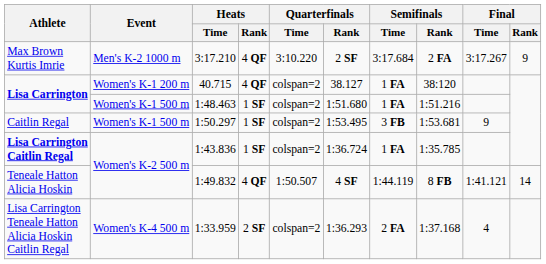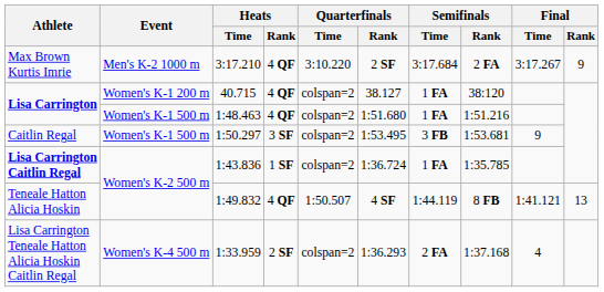 <table class=wikitable style=font-size:90%>
 <tr>
 <th rowspan=2>Athlete</th>
 <th rowspan=2>Event</th>
 <th colspan=2>Heats</th>
 <th colspan=2>Quarterfinals</th>
 <th colspan=2>Semifinals</th>
 <th colspan=2>Final</th>
 </tr>
 <tr style=font-size:95%>
 <th>Time</th>
 <th>Rank</th>
 <th>Time</th>
 <th>Rank</th>
 <th>Time</th>
 <th>Rank</th>
 <th>Time</th>
 <th>Rank</th>
 </tr>
 <tr align=center>
 <td align=left><a href='#'>Max Brown</a><br><a href='#'>Kurtis Imrie</a></td>
 <td align=left><a href='#'>Men's K-2 1000 m</a></td>
 <td>3:17.210</td>
 <td>4 <strong>QF</strong></td>
 <td>3:10.220</td>
 <td>2 <strong>SF</strong></td>
 <td>3:17.684</td>
 <td>2 <strong>FA</strong></td>
 <td>3:17.267</td>
 <td>9</td>
 </tr>
 <tr align=center>
 <td align=left rowspan=2><strong><a href='#'>Lisa Carrington</a></strong></td>
 <td align=left><a href='#'>Women's K-1 200 m</a></td>
 <td>40.715</td>
 <td>4 <strong>QF</strong></td>
 <td>colspan=2 </td>
 <td>38.127 <strong></strong></td>
 <td>1 <strong>FA</strong></td>
 <td>38:120 <strong></strong></td>
 <td></td>
 </tr>
 <tr align=center>
 <td align=left><a href='#'>Women's K-1 500 m</a></td>
 <td>1:48.463</td>
-<td>1 <strong>SF</strong></td>
+<td>4 <strong>QF</strong></td>
 <td>colspan=2 </td>
 <td>1:51.680</td>
 <td>1 <strong>FA</strong></td>
 <td>1:51.216</td>
 <td></td>
 </tr>
 <tr align=center>
 <td align=left><a href='#'>Caitlin Regal</a></td>
 <td align=left><a href='#'>Women's K-1 500 m</a></td>
 <td>1:50.297</td>
-<td>1 <strong>SF</strong></td>
+<td>3 <strong>SF</strong></td>
 <td>colspan=2 </td>
 <td>1:53.495</td>
 <td>3 <strong>FB</strong></td>
 <td>1:53.681</td>
 <td>9</td>
 </tr>
 <tr align=center>
 <td align=left><strong><a href='#'>Lisa Carrington</a><br><a href='#'>Caitlin Regal</a></strong></td>
 <td align=left rowspan=2><a href='#'>Women's K-2 500 m</a></td>
 <td>1:43.836</td>
 <td>1 <strong>SF</strong></td>
 <td>colspan=2 </td>
 <td>1:36.724 <strong></strong></td>
 <td>1 <strong>FA</strong></td>
 <td>1:35.785 <strong></strong></td>
 <td></td>
 </tr>
 <tr align=center>
 <td align=left><a href='#'>Teneale Hatton</a><br><a href='#'>Alicia Hoskin</a></td>
 <td>1:49.832</td>
 <td>4 <strong>QF</strong></td>
 <td>1:50.507</td>
 <td>4 <strong>SF</strong></td>
 <td>1:44.119</td>
 <td>8 <strong>FB</strong></td>
 <td>1:41.121</td>
-<td>14</td>
+<td>13</td>
 </tr>
 <tr align=center>
 <td align=left><a href='#'>Lisa Carrington</a><br><a href='#'>Teneale Hatton</a><br><a href='#'>Alicia Hoskin</a><br><a href='#'>Caitlin Regal</a></td>
 <td align=left><a href='#'>Women's K-4 500 m</a></td>
 <td>1:33.959</td>
 <td>2 <strong>SF</strong></td>
 <td>colspan=2 </td>
 <td>1:36.293</td>
 <td>2 <strong>FA</strong></td>
 <td>1:37.168</td>
 <td>4</td>
 </tr>
 </table>
